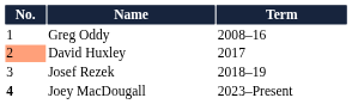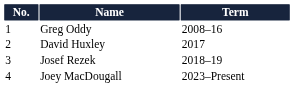 <table class="toccolours" style="width:25em">
 <tr>
 <th style="background:#17243d;color:white;border:#17243d 1px solid">No.</th>
 <th style="background:#17243d;color:white;border:#17243d 1px solid">Name</th>
 <th style="background:#17243d;color:white;border:#17243d 1px solid">Term</th>
 </tr>
 <tr>
 <td>1</td>
 <td> Greg Oddy</td>
 <td>2008–16</td>
 </tr>
 <tr>
-<td style="background: lightsalmon;">2</td>
+<td>2</td>
 <td> David Huxley</td>
 <td>2017</td>
 </tr>
 <tr>
 <td>3</td>
 <td> Josef Rezek</td>
 <td>2018–19</td>
 </tr>
 <tr>
-<td><strong>4</strong></td>
+<td>4</td>
 <td> Joey MacDougall</td>
 <td>2023–Present</td>
 </tr>
 <tr>
 </tr>
 </table>
